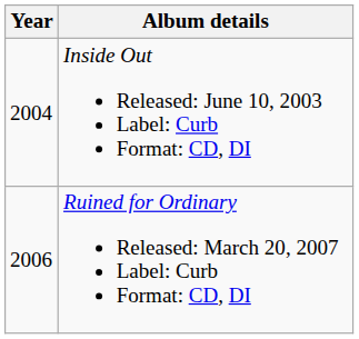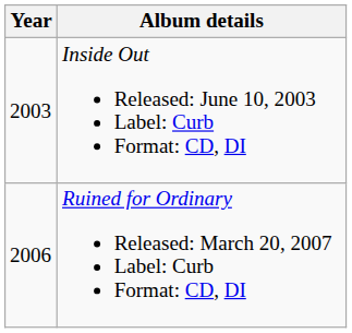 <table class="wikitable">
 <tr>
 <th rowspan="1" width="33">Year</th>
 <th rowspan="1" width="215">Album details</th>
 </tr>
 <tr>
-<td>2004</td>
+<td>2003</td>
 <td><em>Inside Out</em><br><ul><li>Released: June 10, 2003</li><li>Label: <a href='#'>Curb</a></li><li>Format: <a href='#'>CD</a>, <a href='#'>DI</a></li></ul></td>
 </tr>
 <tr>
 <td>2006</td>
 <td><em><a href='#'>Ruined for Ordinary</a></em><br><ul><li>Released: March 20, 2007</li><li>Label: Curb</li><li>Format: <a href='#'>CD</a>, <a href='#'>DI</a></li></ul></td>
 </tr>
 </table>
